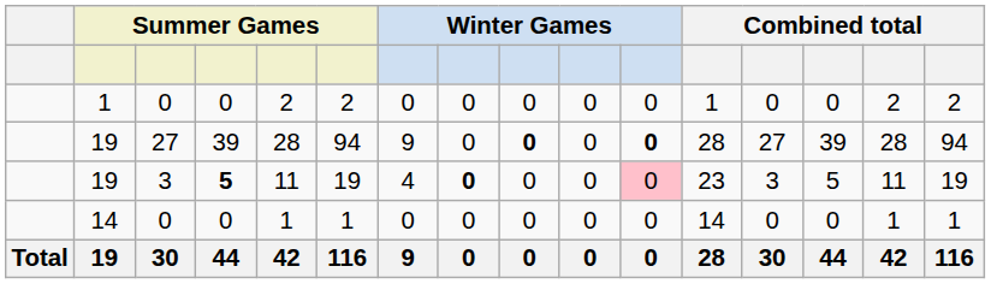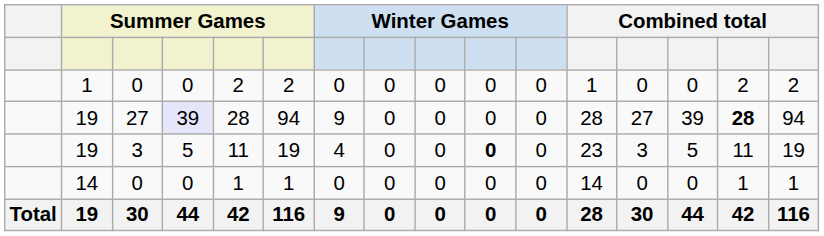 <table class="wikitable sortable" style="margin-top:0; text-align:center; font-size:90%;">
 <tr>
 <th></th>
 <th align="center" style="background-color:#f2f2ce;" colspan="5" ;>Summer Games</th>
 <th align="center" style="background-color:#cedff2;" colspan="5" ;>Winter Games</th>
 <th align="center" colspan="5" ;>Combined total</th>
 </tr>
 <tr>
 <th></th>
 <th style="background-color:#f2f2ce; width:2em;"><br></th>
 <th style="background-color:#f2f2ce; width:2em;"><br></th>
 <th style="background-color:#f2f2ce; width:2em;"><br></th>
 <th style="background-color:#f2f2ce; width:2em;"><br></th>
 <th style="background-color:#f2f2ce; width:2em;"><br></th>
 <th style="background-color:#cedff2; width:2em;"><br></th>
 <th style="background-color:#cedff2; width:2em;"><br></th>
 <th style="background-color:#cedff2; width:2em;"><br></th>
 <th style="background-color:#cedff2; width:2em;"><br></th>
 <th style="background-color:#cedff2; width:2em;"><br></th>
 <th style="width:2em;"><br></th>
 <th style="width:2em;"><br></th>
 <th style="width:2em;"><br></th>
 <th style="width:2em;"><br></th>
 <th style="width:2em;"><br></th>
 </tr>
 <tr>
 <td align=left></td>
 <td>1</td>
 <td>0</td>
 <td>0</td>
 <td>2</td>
 <td>2</td>
 <td>0</td>
 <td>0</td>
 <td>0</td>
 <td>0</td>
 <td>0</td>
 <td>1</td>
 <td>0</td>
 <td>0</td>
 <td>2</td>
 <td>2</td>
 </tr>
 <tr>
 <td align=left></td>
 <td>19</td>
 <td>27</td>
-<td>39</td>
+<td style="background: lavender;">39</td>
 <td>28</td>
 <td>94</td>
 <td>9</td>
 <td>0</td>
-<td><strong>0</strong></td>
 <td>0</td>
-<td><strong>0</strong></td>
+<td>0</td>
+<td>0</td>
 <td>28</td>
 <td>27</td>
 <td>39</td>
-<td>28</td>
+<td><strong>28</strong></td>
 <td>94</td>
 </tr>
 <tr>
 <td align=left></td>
 <td>19</td>
 <td>3</td>
-<td><strong>5</strong></td>
+<td>5</td>
 <td>11</td>
 <td>19</td>
 <td>4</td>
+<td>0</td>
+<td>0</td>
 <td><strong>0</strong></td>
 <td>0</td>
-<td>0</td>
-<td style="background: pink;">0</td>
 <td>23</td>
 <td>3</td>
 <td>5</td>
 <td>11</td>
 <td>19</td>
 </tr>
 <tr>
 <td align=left></td>
 <td>14</td>
 <td>0</td>
 <td>0</td>
 <td>1</td>
 <td>1</td>
 <td>0</td>
 <td>0</td>
 <td>0</td>
 <td>0</td>
 <td>0</td>
 <td>14</td>
 <td>0</td>
 <td>0</td>
 <td>1</td>
 <td>1</td>
 </tr>
 <tr>
 <th style="text-align: center;">Total</th>
 <th>19</th>
 <th>30</th>
 <th>44</th>
 <th>42</th>
 <th>116</th>
 <th>9</th>
 <th>0</th>
 <th>0</th>
 <th>0</th>
 <th>0</th>
 <th>28</th>
 <th>30</th>
 <th>44</th>
 <th>42</th>
 <th>116</th>
 </tr>
 </table>
